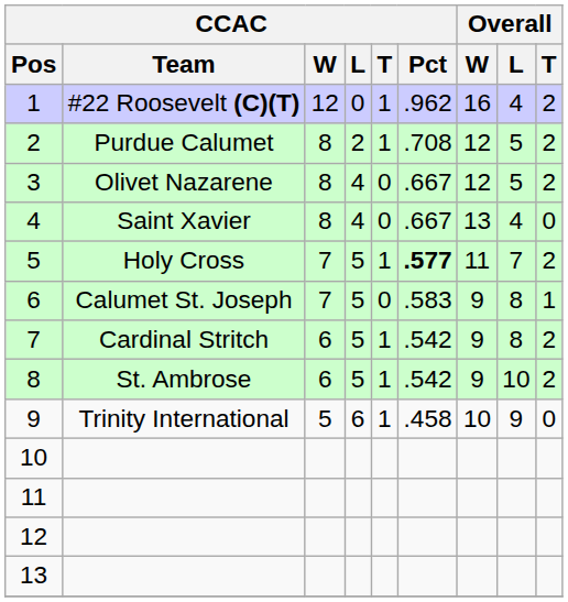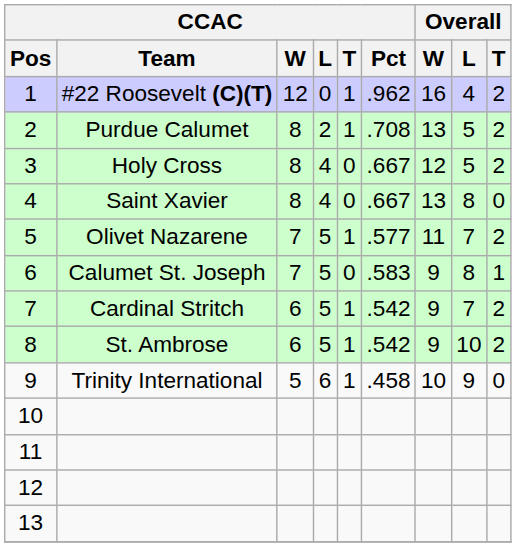 <table class="wikitable" style="text-align:center;">
 <tr>
 <th colspan=6><strong>CCAC</strong></th>
 <th colspan=3><strong>Overall</strong></th>
 </tr>
 <tr>
 <th><strong>Pos</strong></th>
 <th><strong>Team</strong></th>
 <th><strong>W</strong></th>
 <th><strong>L</strong></th>
 <th><strong>T</strong></th>
 <th><strong>Pct</strong></th>
 <th><strong>W</strong></th>
 <th><strong>L</strong></th>
 <th><strong>T</strong></th>
 </tr>
 <tr style="background:#ccf;">
 <td>1</td>
 <td>#22 Roosevelt <strong>(C)(T)</strong></td>
 <td>12</td>
 <td>0</td>
 <td>1</td>
 <td>.962</td>
 <td>16</td>
 <td>4</td>
 <td>2</td>
 </tr>
 <tr style="background:#cfc;">
 <td>2</td>
 <td>Purdue Calumet</td>
 <td>8</td>
 <td>2</td>
 <td>1</td>
 <td>.708</td>
-<td>12</td>
+<td>13</td>
 <td>5</td>
 <td>2</td>
 </tr>
 <tr style="background:#cfc;">
 <td>3</td>
-<td>Olivet Nazarene</td>
+<td>Holy Cross</td>
 <td>8</td>
 <td>4</td>
 <td>0</td>
 <td>.667</td>
 <td>12</td>
 <td>5</td>
 <td>2</td>
 </tr>
 <tr style="background:#cfc;">
 <td>4</td>
 <td>Saint Xavier</td>
 <td>8</td>
 <td>4</td>
 <td>0</td>
 <td>.667</td>
 <td>13</td>
-<td>4</td>
+<td>8</td>
 <td>0</td>
 </tr>
 <tr style="background:#cfc;">
 <td>5</td>
-<td>Holy Cross</td>
+<td>Olivet Nazarene</td>
 <td>7</td>
 <td>5</td>
 <td>1</td>
-<td><strong>.577</strong></td>
+<td>.577</td>
 <td>11</td>
 <td>7</td>
 <td>2</td>
 </tr>
 <tr style="background:#cfc;">
 <td>6</td>
 <td>Calumet St. Joseph</td>
 <td>7</td>
 <td>5</td>
 <td>0</td>
 <td>.583</td>
 <td>9</td>
 <td>8</td>
 <td>1</td>
 </tr>
 <tr style="background:#cfc;">
 <td>7</td>
 <td>Cardinal Stritch</td>
 <td>6</td>
 <td>5</td>
 <td>1</td>
 <td>.542</td>
 <td>9</td>
-<td>8</td>
+<td>7</td>
 <td>2</td>
 </tr>
 <tr style="background:#cfc;">
 <td>8</td>
 <td>St. Ambrose</td>
 <td>6</td>
 <td>5</td>
 <td>1</td>
 <td>.542</td>
 <td>9</td>
 <td>10</td>
 <td>2</td>
 </tr>
 <tr>
 <td>9</td>
 <td>Trinity International</td>
 <td>5</td>
 <td>6</td>
 <td>1</td>
 <td>.458</td>
 <td>10</td>
 <td>9</td>
 <td>0</td>
 </tr>
 <tr>
 <td>10</td>
 <td></td>
 <td></td>
 <td></td>
 <td></td>
 <td></td>
 <td></td>
 <td></td>
 <td></td>
 </tr>
 <tr>
 <td>11</td>
 <td></td>
 <td></td>
 <td></td>
 <td></td>
 <td></td>
 <td></td>
 <td></td>
 <td></td>
 </tr>
 <tr>
 <td>12</td>
 <td></td>
 <td></td>
 <td></td>
 <td></td>
 <td></td>
 <td></td>
 <td></td>
 <td></td>
 </tr>
 <tr>
 <td>13</td>
 <td></td>
 <td></td>
 <td></td>
 <td></td>
 <td></td>
 <td></td>
 <td></td>
 <td></td>
 </tr>
 <tr>
 </tr>
 </table>
